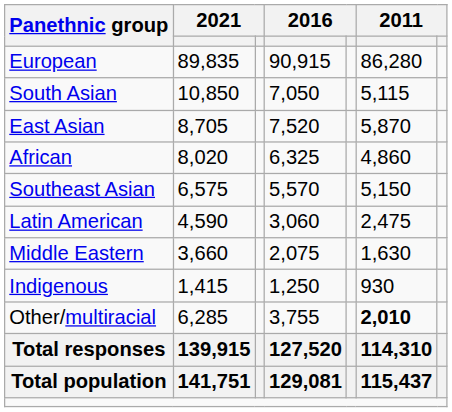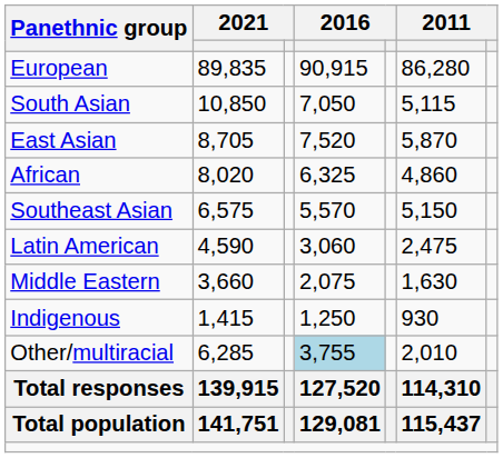 <table class="wikitable collapsible sortable">
 <tr>
 <th rowspan="2"><a href='#'>Panethnic</a> group</th>
 <th colspan="2">2021</th>
 <th colspan="2">2016</th>
 <th colspan="2">2011</th>
 </tr>
 <tr>
 <th><a href='#'></a></th>
 <th></th>
 <th></th>
 <th></th>
 <th></th>
 <th></th>
 </tr>
 <tr>
 <td><a href='#'>European</a></td>
 <td>89,835</td>
 <td></td>
 <td>90,915</td>
 <td></td>
 <td>86,280</td>
 <td></td>
 </tr>
 <tr>
 <td><a href='#'>South Asian</a></td>
 <td>10,850</td>
 <td></td>
 <td>7,050</td>
 <td></td>
 <td>5,115</td>
 <td></td>
 </tr>
 <tr>
 <td><a href='#'>East Asian</a></td>
 <td>8,705</td>
 <td></td>
 <td>7,520</td>
 <td></td>
 <td>5,870</td>
 <td></td>
 </tr>
 <tr>
 <td><a href='#'>African</a></td>
 <td>8,020</td>
 <td></td>
 <td>6,325</td>
 <td></td>
 <td>4,860</td>
 <td></td>
 </tr>
 <tr>
 <td><a href='#'>Southeast Asian</a></td>
 <td>6,575</td>
 <td></td>
 <td>5,570</td>
 <td></td>
 <td>5,150</td>
 <td></td>
 </tr>
 <tr>
 <td><a href='#'>Latin American</a></td>
 <td>4,590</td>
 <td></td>
 <td>3,060</td>
 <td></td>
 <td>2,475</td>
 <td></td>
 </tr>
 <tr>
 <td><a href='#'>Middle Eastern</a></td>
 <td>3,660</td>
 <td></td>
 <td>2,075</td>
 <td></td>
 <td>1,630</td>
 <td></td>
 </tr>
 <tr>
 <td><a href='#'>Indigenous</a></td>
 <td>1,415</td>
 <td></td>
 <td>1,250</td>
 <td></td>
 <td>930</td>
 <td></td>
 </tr>
 <tr>
 <td>Other/<a href='#'>multiracial</a></td>
 <td>6,285</td>
 <td></td>
-<td>3,755</td>
+<td style="background: lightblue;">3,755</td>
 <td></td>
-<td><strong>2,010</strong></td>
+<td>2,010</td>
 <td></td>
 </tr>
 <tr>
 <th>Total responses</th>
 <th>139,915</th>
 <th></th>
 <th>127,520</th>
 <th></th>
 <th>114,310</th>
 <th></th>
 </tr>
 <tr class="sortbottom">
 <th>Total population</th>
 <th>141,751</th>
 <th></th>
 <th>129,081</th>
 <th></th>
 <th>115,437</th>
 <th></th>
 </tr>
 <tr class="sortbottom">
 <td colspan="15"></td>
 </tr>
 </table>
